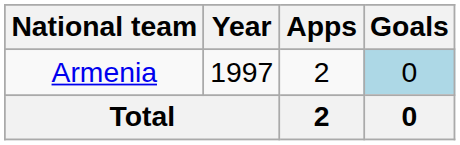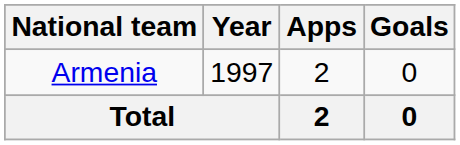 <table class="wikitable" style="text-align:center">
 <tr>
 <th>National team</th>
 <th>Year</th>
 <th>Apps</th>
 <th>Goals</th>
 </tr>
 <tr>
 <td><a href='#'>Armenia</a></td>
 <td>1997</td>
 <td>2</td>
-<td style="background: lightblue;">0</td>
+<td>0</td>
 </tr>
 <tr>
 <th colspan="2">Total</th>
 <th>2</th>
 <th>0</th>
 </tr>
 </table>
